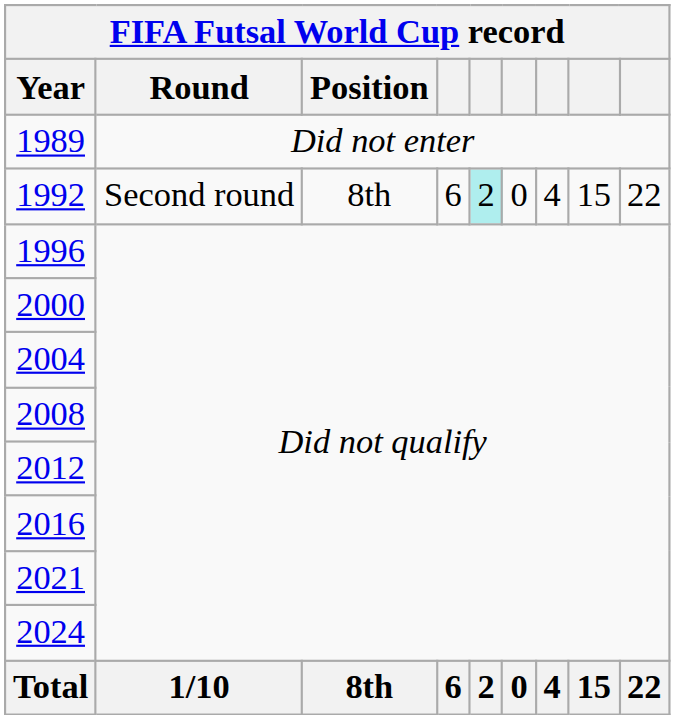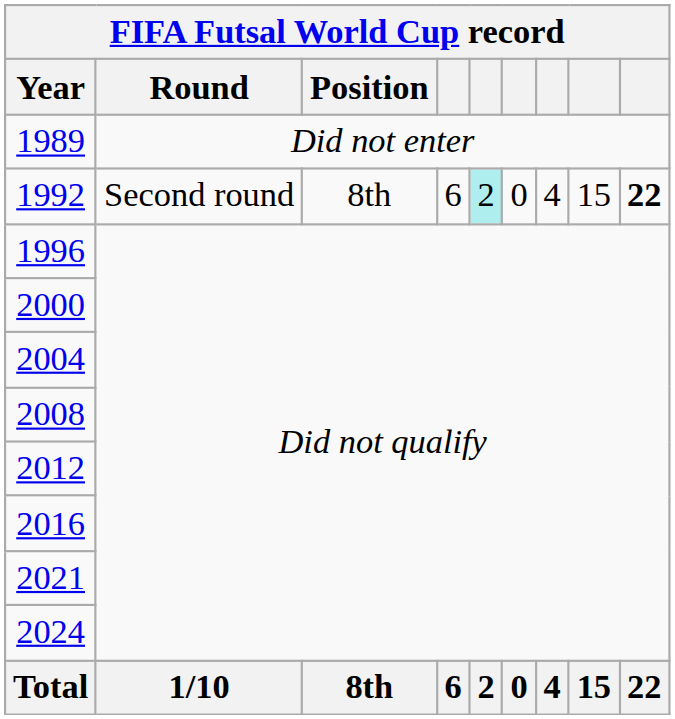 <table class="wikitable" style="text-align: center;">
 <tr>
 <th colspan=9><a href='#'>FIFA Futsal World Cup</a> record</th>
 </tr>
 <tr>
 <th>Year</th>
 <th>Round</th>
 <th>Position</th>
 <th></th>
 <th></th>
 <th></th>
 <th></th>
 <th></th>
 <th></th>
 </tr>
 <tr>
 <td> <a href='#'>1989</a></td>
 <td colspan=10><em>Did not enter</em></td>
 </tr>
 <tr>
 <td> <a href='#'>1992</a></td>
 <td>Second round</td>
 <td>8th</td>
 <td>6</td>
 <td style="background: paleturquoise;">2</td>
 <td>0</td>
 <td>4</td>
 <td>15</td>
-<td>22</td>
+<td><strong>22</strong></td>
 </tr>
 <tr>
 <td> <a href='#'>1996</a></td>
 <td colspan=10 rowspan=8><em>Did not qualify</em></td>
 </tr>
 <tr>
 <td> <a href='#'>2000</a></td>
 </tr>
 <tr>
 <td> <a href='#'>2004</a></td>
 </tr>
 <tr>
 <td> <a href='#'>2008</a></td>
 </tr>
 <tr>
 <td> <a href='#'>2012</a></td>
 </tr>
 <tr>
 <td> <a href='#'>2016</a></td>
 </tr>
 <tr>
 <td> <a href='#'>2021</a></td>
 </tr>
 <tr>
 <td> <a href='#'>2024</a></td>
 </tr>
 <tr>
 <th><strong>Total</strong></th>
 <th>1/10</th>
 <th>8th</th>
 <th>6</th>
 <th>2</th>
 <th>0</th>
 <th>4</th>
 <th>15</th>
 <th>22</th>
 </tr>
 </table>
